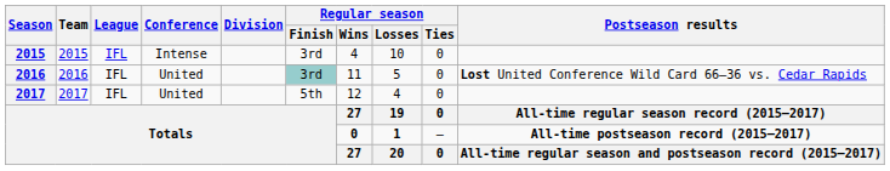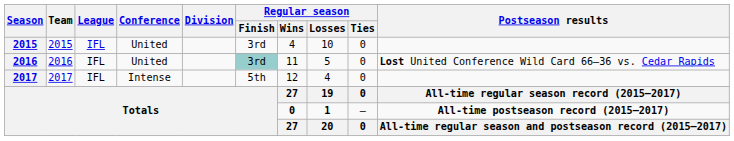 <table class="wikitable" style="text-align:center; font-size: 95%;">
 <tr>
 <th rowspan="2"><a href='#'>Season</a></th>
 <th rowspan="2">Team</th>
 <th rowspan="2"><a href='#'>League</a></th>
 <th rowspan="2"><a href='#'>Conference</a></th>
 <th rowspan="2"><a href='#'>Division</a></th>
 <th colspan="4"><a href='#'>Regular season</a></th>
 <th rowspan="2"><a href='#'>Postseason</a> results</th>
 </tr>
 <tr>
 <th>Finish</th>
 <th>Wins</th>
 <th>Losses</th>
 <th>Ties</th>
 </tr>
 <tr>
 <th><a href='#'>2015</a></th>
 <td><a href='#'>2015</a></td>
 <td><a href='#'>IFL</a></td>
-<td>Intense</td>
+<td>United</td>
 <td></td>
 <td>3rd</td>
 <td>4</td>
 <td>10</td>
 <td>0</td>
 <td align=left></td>
 </tr>
 <tr>
 <th><a href='#'>2016</a></th>
 <td><a href='#'>2016</a></td>
 <td>IFL</td>
 <td>United</td>
 <td></td>
 <td bgcolor=#96cdcd>3rd</td>
 <td>11</td>
 <td>5</td>
 <td>0</td>
 <td align=left><strong>Lost</strong> United Conference Wild Card 66–36 vs. <a href='#'>Cedar Rapids</a></td>
 </tr>
 <tr>
 <th><a href='#'>2017</a></th>
 <td><a href='#'>2017</a></td>
 <td>IFL</td>
-<td>United</td>
+<td>Intense</td>
 <td></td>
 <td>5th</td>
 <td>12</td>
 <td>4</td>
 <td>0</td>
 <td align=left></td>
 </tr>
 <tr>
 <th rowspan="5" colspan="6">Totals</th>
 <th>27</th>
 <th>19</th>
 <th>0</th>
 <th colspan="3">All-time regular season record (2015–2017)</th>
 </tr>
 <tr>
 <td><strong>0</strong></td>
 <td><strong>1</strong></td>
 <td>—</td>
 <td colspan="3"><strong>All-time postseason record (2015–2017)</strong></td>
 </tr>
 <tr>
 <th>27</th>
 <th>20</th>
 <th>0</th>
 <th colspan="3">All-time regular season and postseason record (2015–2017)</th>
 </tr>
 </table>
